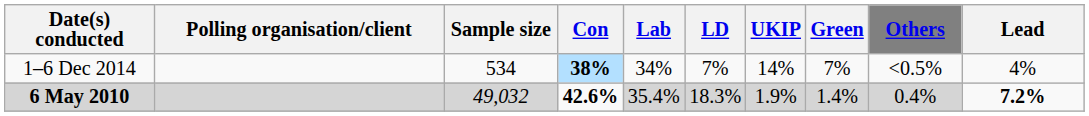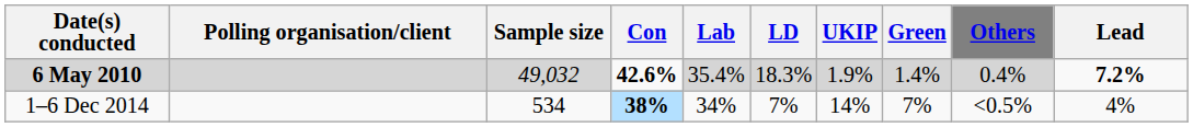 <table class="wikitable sortable" style="text-align:center;font-size:90%;line-height:14px">
 <tr>
 <th ! style="width:100px;">Date(s)<br>conducted</th>
 <th style="width:200px;">Polling organisation/client</th>
 <th class="unsortable" style="width:75px;">Sample size</th>
 <th class="unsortable" style="background:"><a href='#'><span>Con</span></a></th>
 <th class="unsortable" style="background:"><a href='#'><span>Lab</span></a></th>
 <th class="unsortable" style="background:"><a href='#'><span>LD</span></a></th>
 <th class="unsortable" style="background:"><a href='#'><span>UKIP</span></a></th>
 <th class="unsortable" style="background:"><a href='#'><span>Green</span></a></th>
 <th class="unsortable" style="background:gray; width:60px;"><a href='#'><span>Others</span></a></th>
 <th class="unsortable" style="width:80px;">Lead</th>
 </tr>
 <tr>
+<td style="background:#D5D5D5"><strong>6 May 2010</strong></td>
+<td style="background:#D5D5D5"></td>
+<td style="background:#D5D5D5"><em>49,032</em></td>
+<td style="background:"><strong>42.6%</strong></td>
+<td style="background:#D5D5D5">35.4%</td>
+<td style="background:#D5D5D5">18.3%</td>
+<td style="background:#D5D5D5">1.9%</td>
+<td style="background:#D5D5D5">1.4%</td>
+<td style="background:#D5D5D5">0.4%</td>
+<td style="background:"><strong>7.2% </strong></td>
+</tr>
+<tr>
 <td>1–6 Dec 2014</td>
 <td> </td>
 <td>534</td>
 <td style="background:#B3E0FF"><strong>38%</strong></td>
 <td>34%</td>
 <td>7%</td>
 <td>14%</td>
 <td>7%</td>
 <td><0.5%</td>
 <td style="background:">4%</td>
 </tr>
-<tr>
-<td style="background:#D5D5D5"><strong>6 May 2010</strong></td>
-<td style="background:#D5D5D5"></td>
-<td style="background:#D5D5D5"><em>49,032</em></td>
-<td style="background:"><strong>42.6%</strong></td>
-<td style="background:#D5D5D5">35.4%</td>
-<td style="background:#D5D5D5">18.3%</td>
-<td style="background:#D5D5D5">1.9%</td>
-<td style="background:#D5D5D5">1.4%</td>
-<td style="background:#D5D5D5">0.4%</td>
-<td style="background:"><strong>7.2% </strong></td>
-</tr>
 </table>
